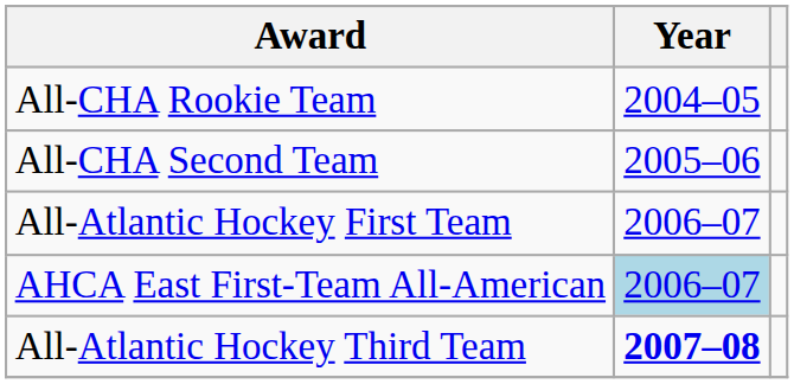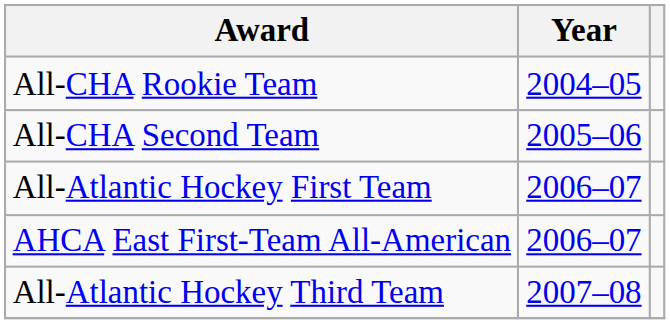 <table class="wikitable">
 <tr>
 <th>Award</th>
 <th>Year</th>
 <th></th>
 </tr>
 <tr>
 <td>All-<a href='#'>CHA</a> <a href='#'>Rookie Team</a></td>
 <td><a href='#'>2004–05</a></td>
 <td></td>
 </tr>
 <tr>
 <td>All-<a href='#'>CHA</a> <a href='#'>Second Team</a></td>
 <td><a href='#'>2005–06</a></td>
 <td></td>
 </tr>
 <tr>
 <td>All-<a href='#'>Atlantic Hockey</a> <a href='#'>First Team</a></td>
 <td><a href='#'>2006–07</a></td>
 <td></td>
 </tr>
 <tr>
 <td><a href='#'>AHCA</a> <a href='#'>East First-Team All-American</a></td>
-<td style="background: lightblue;"><a href='#'>2006–07</a></td>
+<td><a href='#'>2006–07</a></td>
 <td></td>
 </tr>
 <tr>
 <td>All-<a href='#'>Atlantic Hockey</a> <a href='#'>Third Team</a></td>
-<td><strong><a href='#'>2007–08</a></strong></td>
+<td><a href='#'>2007–08</a></td>
 <td></td>
 </tr>
 <tr>
 </tr>
 </table>
